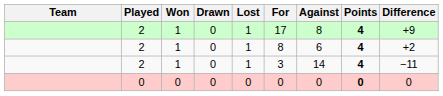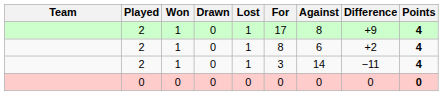 <table class="wikitable" style="text-align:center">
 <tr>
 <th width=165>Team</th>
 <th width=40>Played</th>
 <th width=40>Won</th>
 <th width=40>Drawn</th>
 <th width=40>Lost</th>
 <th width=40>For</th>
 <th width=40>Against</th>
+<th width=40>Difference</th>
 <th width=40>Points</th>
-<th width=40>Difference</th>
 </tr>
 <tr bgcolor=#ccffcc>
 <td style="text-align:left"></td>
 <td>2</td>
 <td>1</td>
 <td>0</td>
 <td>1</td>
 <td>17</td>
 <td>8</td>
+<td>+9</td>
 <td><strong>4</strong></td>
-<td>+9</td>
 </tr>
 <tr>
 <td style="text-align:left"></td>
 <td>2</td>
 <td>1</td>
 <td>0</td>
 <td>1</td>
 <td>8</td>
 <td>6</td>
+<td>+2</td>
 <td><strong>4</strong></td>
-<td>+2</td>
 </tr>
 <tr>
 <td style="text-align:left"></td>
 <td>2</td>
 <td>1</td>
 <td>0</td>
 <td>1</td>
 <td>3</td>
 <td>14</td>
+<td>−11</td>
 <td><strong>4</strong></td>
-<td>−11</td>
 </tr>
 <tr bgcolor=#ffcccc>
 <td style="text-align:left"></td>
 <td>0</td>
 <td>0</td>
 <td>0</td>
 <td>0</td>
 <td>0</td>
 <td>0</td>
+<td>0</td>
 <td><strong>0</strong></td>
-<td>0</td>
 </tr>
 </table>
